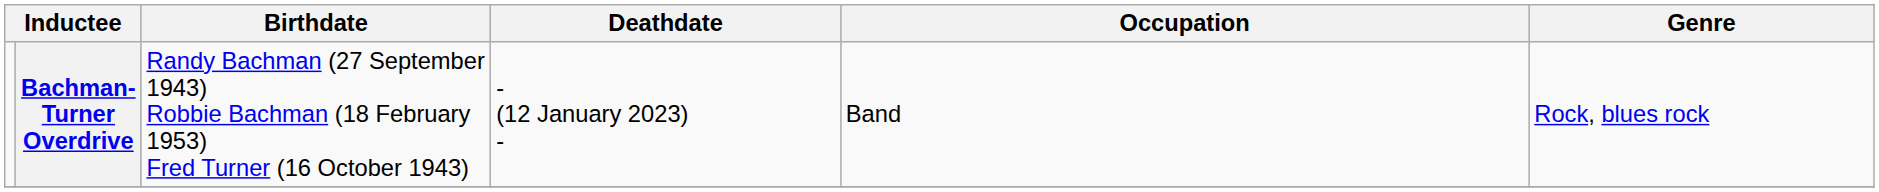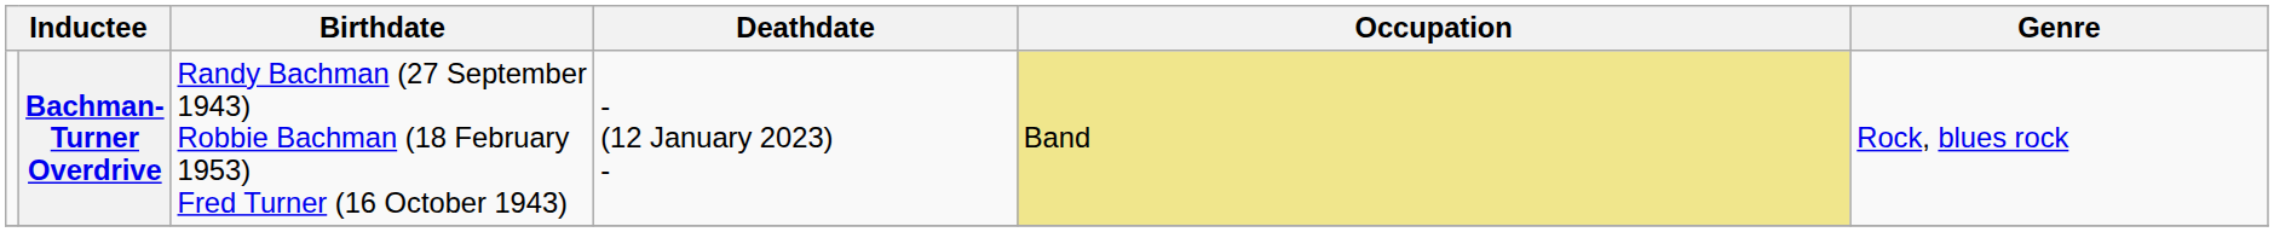 <table class="wikitable" width="100%">
 <tr>
 <th colspan=2>Inductee</th>
 <th width="20%">Birthdate</th>
 <th width="20%">Deathdate</th>
 <th width="40%">Occupation</th>
 <th width="40%">Genre</th>
 </tr>
 <tr>
 <td></td>
 <th><a href='#'>Bachman-Turner Overdrive</a></th>
 <td><a href='#'>Randy Bachman</a> (27 September 1943) <br> <a href='#'>Robbie Bachman</a> (18 February 1953) <br> <a href='#'>Fred Turner</a> (16 October 1943)</td>
 <td>- <br> (12 January 2023) <br> -</td>
-<td>Band</td>
+<td style="background: khaki;">Band</td>
 <td><a href='#'>Rock</a>, <a href='#'>blues rock</a></td>
 </tr>
 <tr>
 </tr>
 </table>
